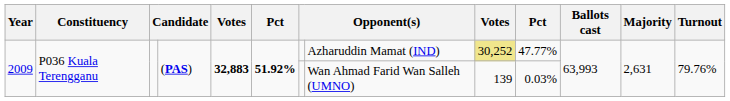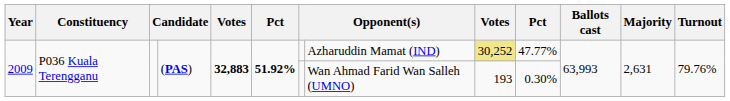 <table class="wikitable" style="margin:0.5em ; font-size:95%">
 <tr>
 <th>Year</th>
 <th>Constituency</th>
 <th colspan=2>Candidate</th>
 <th>Votes</th>
 <th>Pct</th>
 <th colspan=2>Opponent(s)</th>
 <th>Votes</th>
 <th>Pct</th>
 <th>Ballots cast</th>
 <th>Majority</th>
 <th>Turnout</th>
 </tr>
 <tr>
 <td rowspan=2><a href='#'>2009</a></td>
 <td rowspan=2>P036 <a href='#'>Kuala Terengganu</a></td>
 <td rowspan=2 ></td>
 <td rowspan=2> (<strong><a href='#'>PAS</a></strong>)</td>
 <td rowspan=2 align="right"><strong>32,883</strong></td>
 <td rowspan=2><strong>51.92%</strong></td>
 <td></td>
 <td>Azharuddin Mamat (<a href='#'>IND</a>)</td>
 <td align="right" style="background: khaki;">30,252</td>
 <td>47.77%</td>
 <td rowspan=2>63,993</td>
 <td rowspan=2>2,631</td>
 <td rowspan=2>79.76%</td>
 </tr>
 <tr>
 <td></td>
 <td>Wan Ahmad Farid Wan Salleh (<a href='#'>UMNO</a>)</td>
-<td align="right">139</td>
-<td align=right>0.03%</td>
+<td align="right">193</td>
+<td align=right>0.30%</td>
 </tr>
 </table>
